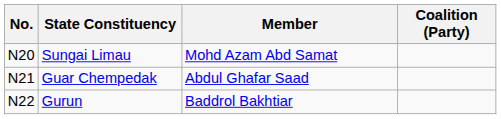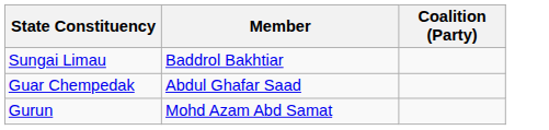 <table class="wikitable">
 <tr>
-<th width="30">No.</th>
 <th width="150">State Constituency</th>
 <th width="230">Member</th>
 <th width="100">Coalition (Party)</th>
 </tr>
 <tr>
-<td>N20</td>
 <td><a href='#'>Sungai Limau</a></td>
-<td><a href='#'>Mohd Azam Abd Samat</a></td>
+<td><a href='#'>Baddrol Bakhtiar</a></td>
 <td></td>
 </tr>
 <tr>
-<td>N21</td>
 <td><a href='#'>Guar Chempedak</a></td>
 <td><a href='#'>Abdul Ghafar Saad</a></td>
 <td></td>
 </tr>
 <tr>
-<td>N22</td>
 <td><a href='#'>Gurun</a></td>
-<td><a href='#'>Baddrol Bakhtiar</a></td>
+<td><a href='#'>Mohd Azam Abd Samat</a></td>
 <td></td>
 </tr>
 </table>
